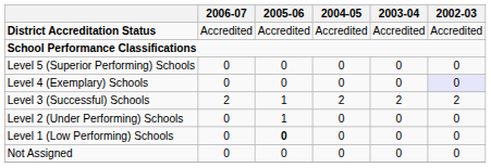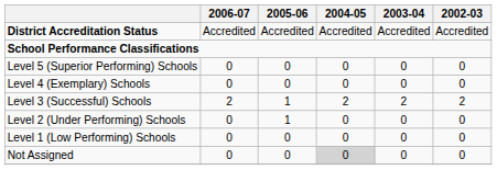 <table class="wikitable" style="font-size: 95%;">
 <tr>
 <th></th>
 <th>2006-07</th>
 <th>2005-06</th>
 <th>2004-05</th>
 <th>2003-04</th>
 <th>2002-03</th>
 </tr>
 <tr>
 <td align="left"><strong>District Accreditation Status</strong></td>
 <td align="center">Accredited</td>
 <td align="center">Accredited</td>
 <td align="center">Accredited</td>
 <td align="center">Accredited</td>
 <td align="center">Accredited</td>
 </tr>
 <tr>
 <td align="left" colspan="6"><strong>School Performance Classifications</strong></td>
 </tr>
 <tr>
 <td align="left">Level 5 (Superior Performing) Schools</td>
 <td align="center">0</td>
 <td align="center">0</td>
 <td align="center">0</td>
 <td align="center">0</td>
 <td align="center">0</td>
 </tr>
 <tr>
 <td align="left">Level 4 (Exemplary) Schools</td>
 <td align="center">0</td>
 <td align="center">0</td>
 <td align="center">0</td>
 <td align="center">0</td>
-<td align="center" style="background: lavender;">0</td>
+<td align="center">0</td>
 </tr>
 <tr>
 <td align="left">Level 3 (Successful) Schools</td>
 <td align="center">2</td>
 <td align="center">1</td>
 <td align="center">2</td>
 <td align="center">2</td>
 <td align="center">2</td>
 </tr>
 <tr>
 <td align="left">Level 2 (Under Performing) Schools</td>
 <td align="center">0</td>
 <td align="center">1</td>
 <td align="center">0</td>
 <td align="center">0</td>
 <td align="center">0</td>
 </tr>
 <tr>
 <td align="left">Level 1 (Low Performing) Schools</td>
 <td align="center">0</td>
-<td align="center"><strong>0</strong></td>
+<td align="center">0</td>
 <td align="center">0</td>
 <td align="center">0</td>
 <td align="center">0</td>
 </tr>
 <tr>
 <td align="left">Not Assigned</td>
 <td align="center">0</td>
 <td align="center">0</td>
-<td align="center">0</td>
+<td align="center" style="background: lightgrey;">0</td>
 <td align="center">0</td>
 <td align="center">0</td>
 </tr>
 <tr>
 </tr>
 </table>
